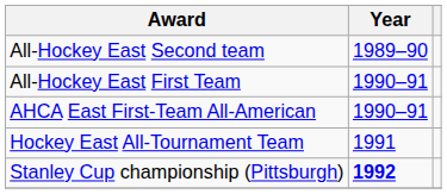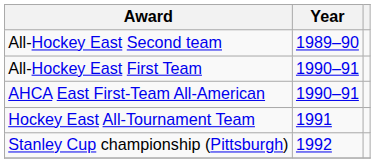 <table class="wikitable">
 <tr>
 <th>Award</th>
 <th>Year</th>
 <th></th>
 </tr>
 <tr>
 <td>All-<a href='#'>Hockey East</a> <a href='#'>Second team</a></td>
 <td><a href='#'>1989–90</a></td>
 <td></td>
 </tr>
 <tr>
 <td>All-<a href='#'>Hockey East</a> <a href='#'>First Team</a></td>
 <td><a href='#'>1990–91</a></td>
 <td></td>
 </tr>
 <tr>
 <td><a href='#'>AHCA</a> <a href='#'>East First-Team All-American</a></td>
 <td><a href='#'>1990–91</a></td>
 <td></td>
 </tr>
 <tr>
 <td><a href='#'>Hockey East</a> <a href='#'>All-Tournament Team</a></td>
 <td><a href='#'>1991</a></td>
 <td></td>
 </tr>
 <tr>
 <td><a href='#'>Stanley Cup</a> championship  (<a href='#'>Pittsburgh</a>)</td>
-<td><strong><a href='#'>1992</a></strong></td>
+<td><a href='#'>1992</a></td>
 <td></td>
 </tr>
 <tr>
 </tr>
 </table>
